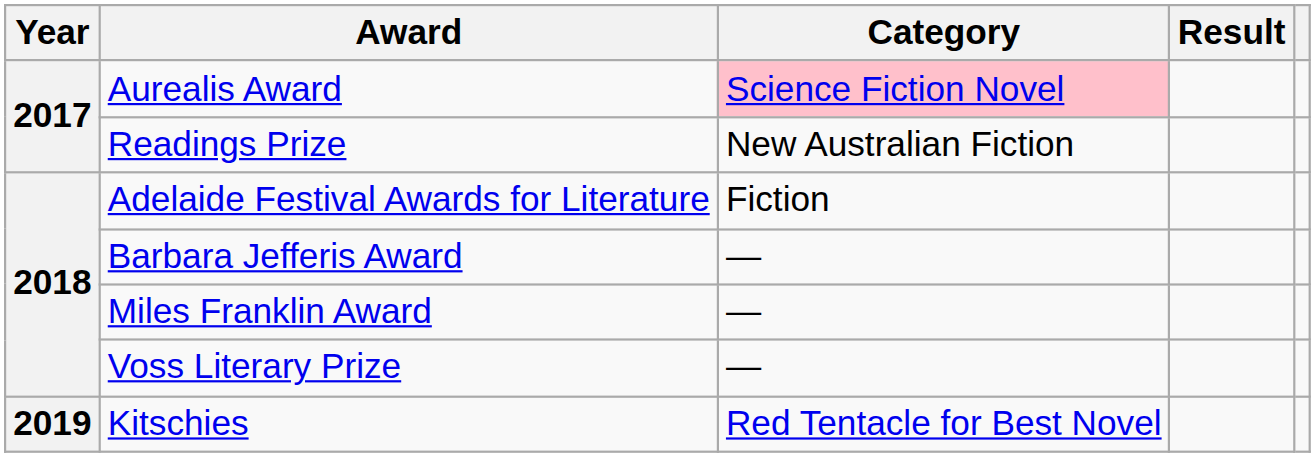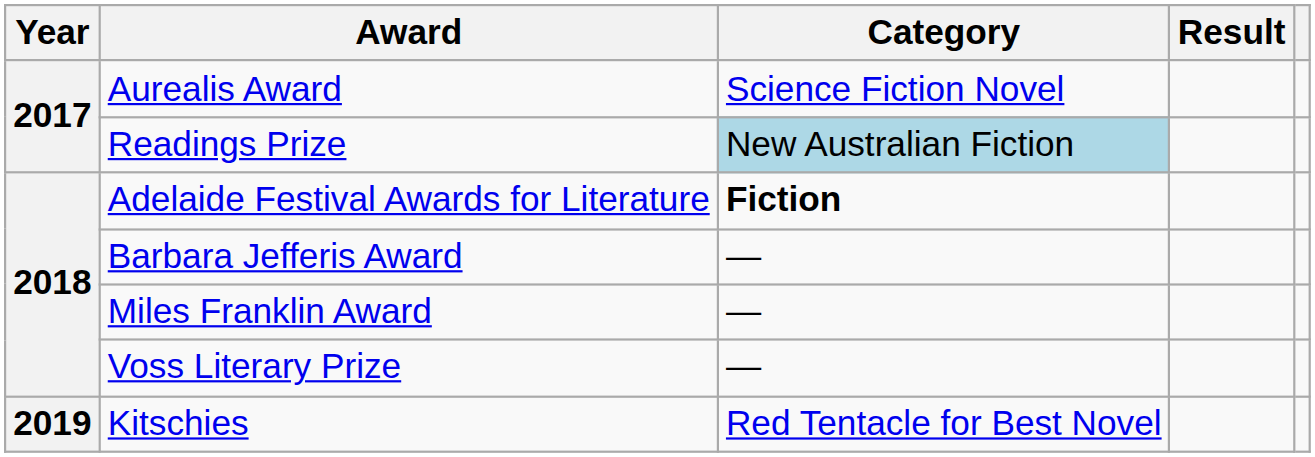 <table class="wikitable sortable">
 <tr>
 <th>Year</th>
 <th>Award</th>
 <th>Category</th>
 <th>Result</th>
 <th></th>
 </tr>
 <tr>
 <th rowspan="2">2017</th>
 <td><a href='#'>Aurealis Award</a></td>
-<td style="background: pink;"><a href='#'>Science Fiction Novel</a></td>
+<td><a href='#'>Science Fiction Novel</a></td>
 <td></td>
 <td></td>
 </tr>
 <tr>
 <td><a href='#'>Readings Prize</a></td>
-<td>New Australian Fiction</td>
+<td style="background: lightblue;">New Australian Fiction</td>
 <td></td>
 <td></td>
 </tr>
 <tr>
 <th rowspan="4">2018</th>
 <td><a href='#'>Adelaide Festival Awards for Literature</a></td>
-<td>Fiction</td>
+<td><strong>Fiction</strong></td>
 <td></td>
 <td></td>
 </tr>
 <tr>
 <td><a href='#'>Barbara Jefferis Award</a></td>
 <td>—</td>
 <td></td>
 <td></td>
 </tr>
 <tr>
 <td><a href='#'>Miles Franklin Award</a></td>
 <td>—</td>
 <td></td>
 <td></td>
 </tr>
 <tr>
 <td><a href='#'>Voss Literary Prize</a></td>
 <td>—</td>
 <td></td>
 <td></td>
 </tr>
 <tr>
 <th>2019</th>
 <td><a href='#'>Kitschies</a></td>
 <td><a href='#'>Red Tentacle for Best Novel</a></td>
 <td></td>
 <td></td>
 </tr>
 </table>
